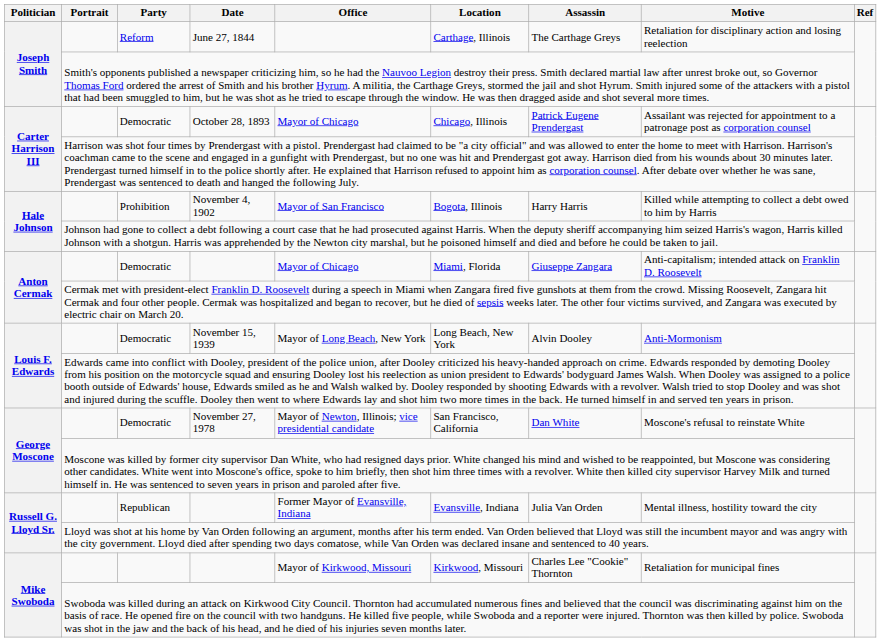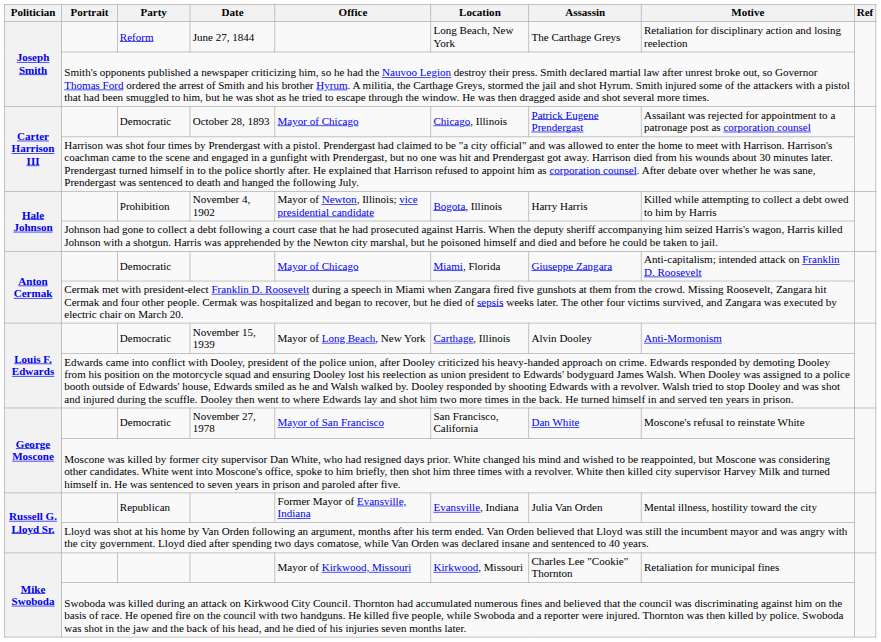 <table class="wikitable" style="width:100%;">
 <tr>
 <th>Politician</th>
 <th>Portrait</th>
 <th>Party</th>
 <th>Date</th>
 <th>Office</th>
 <th>Location</th>
 <th>Assassin</th>
 <th>Motive</th>
 <th>Ref</th>
 </tr>
 <tr>
 <th rowspan="2"><a href='#'>Joseph Smith</a></th>
 <td></td>
 <td><a href='#'>Reform</a></td>
 <td>June 27, 1844</td>
 <td></td>
-<td><a href='#'>Carthage</a>, Illinois</td>
+<td>Long Beach, New York</td>
 <td>The Carthage Greys</td>
 <td>Retaliation for disciplinary action and losing reelection</td>
 <td rowspan="2"></td>
 </tr>
 <tr class="expand-child">
 <td colspan="7"><br>Smith's opponents published a newspaper criticizing him, so he had the <a href='#'>Nauvoo Legion</a> destroy their press. Smith declared martial law after unrest broke out, so Governor <a href='#'>Thomas Ford</a> ordered the arrest of Smith and his brother <a href='#'>Hyrum</a>. A militia, the Carthage Greys, stormed the jail and shot Hyrum. Smith injured some of the attackers with a pistol that had been smuggled to him, but he was shot as he tried to escape through the window. He was then dragged aside and shot several more times.</td>
 </tr>
 <tr>
 <th rowspan="2"><a href='#'>Carter Harrison III</a></th>
 <td></td>
 <td>Democratic</td>
 <td>October 28, 1893</td>
 <td><a href='#'>Mayor of Chicago</a></td>
 <td><a href='#'>Chicago</a>, Illinois</td>
 <td><a href='#'>Patrick Eugene Prendergast</a></td>
 <td>Assailant was rejected for appointment to a patronage post as <a href='#'>corporation counsel</a></td>
 <td rowspan="2"></td>
 </tr>
 <tr class="expand-child">
 <td colspan="7">Harrison was shot four times by Prendergast with a pistol. Prendergast had claimed to be "a city official" and was allowed to enter the home to meet with Harrison. Harrison's coachman came to the scene and engaged in a gunfight with Prendergast, but no one was hit and Prendergast got away. Harrison died from his wounds about 30 minutes later. Prendergast turned himself in to the police shortly after. He explained that Harrison refused to appoint him as <a href='#'>corporation counsel</a>. After debate over whether he was sane, Prendergast was sentenced to death and hanged the following July.</td>
 </tr>
 <tr>
 <th rowspan="2"><a href='#'>Hale Johnson</a></th>
 <td></td>
 <td>Prohibition</td>
 <td>November 4, 1902</td>
-<td><a href='#'>Mayor of San Francisco</a></td>
+<td>Mayor of <a href='#'>Newton</a>, Illinois; <a href='#'>vice presidential candidate</a></td>
 <td><a href='#'>Bogota</a>, Illinois</td>
 <td>Harry Harris</td>
 <td>Killed while attempting to collect a debt owed to him by Harris</td>
 <td rowspan="2"></td>
 </tr>
 <tr class="expand-child">
 <td colspan="7">Johnson had gone to collect a debt following a court case that he had prosecuted against Harris. When the deputy sheriff accompanying him seized Harris's wagon, Harris killed Johnson with a shotgun. Harris was apprehended by the Newton city marshal, but he poisoned himself and died and before he could be taken to jail.</td>
 </tr>
 <tr>
 <th rowspan="2"><a href='#'>Anton Cermak</a></th>
 <td></td>
 <td>Democratic</td>
 <td></td>
 <td><a href='#'>Mayor of Chicago</a></td>
 <td><a href='#'>Miami</a>, Florida</td>
 <td><a href='#'>Giuseppe Zangara</a></td>
 <td>Anti-capitalism; intended attack on <a href='#'>Franklin D. Roosevelt</a></td>
 <td rowspan="2"></td>
 </tr>
 <tr class="expand-child">
 <td colspan="7">Cermak met with president-elect <a href='#'>Franklin D. Roosevelt</a> during a speech in Miami when Zangara fired five gunshots at them from the crowd. Missing Roosevelt, Zangara hit Cermak and four other people. Cermak was hospitalized and began to recover, but he died of <a href='#'>sepsis</a> weeks later. The other four victims survived, and Zangara was executed by electric chair on March 20.</td>
 </tr>
 <tr>
 <th rowspan="2"><a href='#'>Louis F. Edwards</a></th>
 <td></td>
 <td>Democratic</td>
 <td>November 15, 1939</td>
 <td>Mayor of <a href='#'>Long Beach</a>, New York</td>
-<td>Long Beach, New York</td>
+<td><a href='#'>Carthage</a>, Illinois</td>
 <td>Alvin Dooley</td>
 <td><a href='#'>Anti-Mormonism</a></td>
 <td rowspan="2"></td>
 </tr>
 <tr class="expand-child">
 <td colspan="7">Edwards came into conflict with Dooley, president of the police union, after Dooley criticized his heavy-handed approach on crime. Edwards responded by demoting Dooley from his position on the motorcycle squad and ensuring Dooley lost his reelection as union president to Edwards' bodyguard James Walsh. When Dooley was assigned to a police booth outside of Edwards' house, Edwards smiled as he and Walsh walked by. Dooley responded by shooting Edwards with a revolver. Walsh tried to stop Dooley and was shot and injured during the scuffle. Dooley then went to where Edwards lay and shot him two more times in the back. He turned himself in and served ten years in prison.</td>
 </tr>
 <tr>
 <th rowspan="2"><a href='#'>George Moscone</a></th>
 <td></td>
 <td>Democratic</td>
 <td>November 27, 1978</td>
-<td>Mayor of <a href='#'>Newton</a>, Illinois; <a href='#'>vice presidential candidate</a></td>
+<td><a href='#'>Mayor of San Francisco</a></td>
 <td>San Francisco, California</td>
 <td><a href='#'>Dan White</a></td>
 <td>Moscone's refusal to reinstate White</td>
 <td rowspan="2"></td>
 </tr>
 <tr class="expand-child">
 <td colspan="7"><br>Moscone was killed by former city supervisor Dan White, who had resigned days prior. White changed his mind and wished to be reappointed, but Moscone was considering other candidates. White went into Moscone's office, spoke to him briefly, then shot him three times with a revolver. White then killed city supervisor Harvey Milk and turned himself in. He was sentenced to seven years in prison and paroled after five.</td>
 </tr>
 <tr>
 <th rowspan="2"><a href='#'>Russell G. Lloyd Sr.</a></th>
 <td></td>
 <td>Republican</td>
 <td></td>
 <td>Former Mayor of <a href='#'>Evansville, Indiana</a></td>
 <td><a href='#'>Evansville</a>, Indiana</td>
 <td>Julia Van Orden</td>
 <td>Mental illness, hostility toward the city</td>
 <td rowspan="2"></td>
 </tr>
 <tr class="expand-child">
 <td colspan="7">Lloyd was shot at his home by Van Orden following an argument, months after his term ended. Van Orden believed that Lloyd was still the incumbent mayor and was angry with the city government. Lloyd died after spending two days comatose, while Van Orden was declared insane and sentenced to 40 years.</td>
 </tr>
 <tr>
 <th rowspan="2"><a href='#'>Mike Swoboda</a></th>
 <td></td>
 <td></td>
 <td></td>
 <td>Mayor of <a href='#'>Kirkwood, Missouri</a></td>
 <td><a href='#'>Kirkwood</a>, Missouri</td>
 <td>Charles Lee "Cookie" Thornton</td>
 <td>Retaliation for municipal fines</td>
 <td rowspan="2"></td>
 </tr>
 <tr class="expand-child">
 <td colspan="7"><br>Swoboda was killed during an attack on Kirkwood City Council. Thornton had accumulated numerous fines and believed that the council was discriminating against him on the basis of race. He opened fire on the council with two handguns. He killed five people, while Swoboda and a reporter were injured. Thornton was then killed by police. Swoboda was shot in the jaw and the back of his head, and he died of his injuries seven months later.</td>
 </tr>
 </table>
